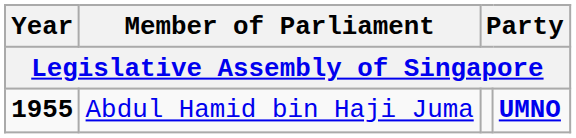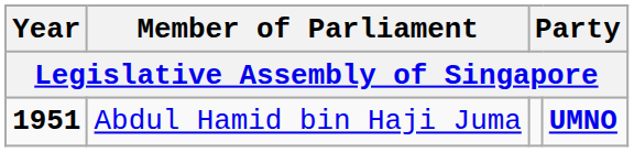 <table class="wikitable">
 <tr>
 <th>Year</th>
 <th>Member of Parliament</th>
 <th colspan="2">Party</th>
 </tr>
 <tr>
 <th colspan="4"><a href='#'>Legislative Assembly of Singapore</a></th>
 </tr>
 <tr>
-<td><strong>1955</strong></td>
+<td><strong>1951</strong></td>
 <td><a href='#'>Abdul Hamid bin Haji Juma</a></td>
 <td></td>
 <td><strong><a href='#'>UMNO</a></strong></td>
 </tr>
 </table>
